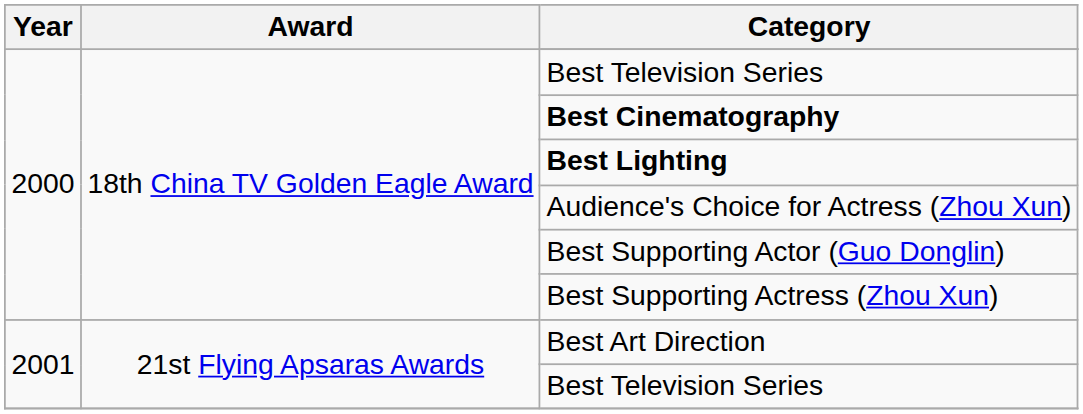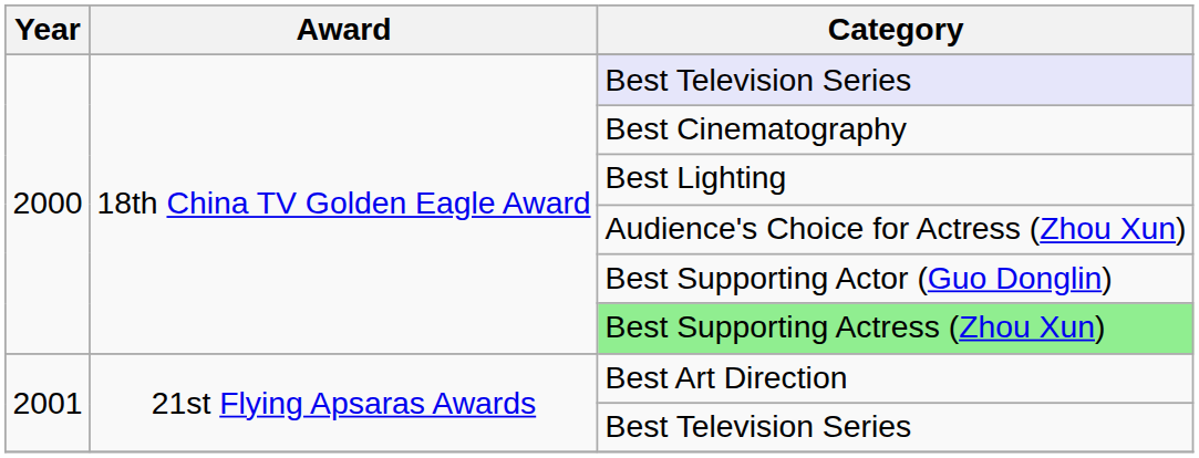 <table class="wikitable">
 <tr>
 <th>Year</th>
 <th>Award</th>
 <th>Category</th>
 </tr>
 <tr>
 <td rowspan="7" style="text-align:center;">2000</td>
 <td rowspan="7" style="text-align:center;">18th <a href='#'>China TV Golden Eagle Award</a></td>
 </tr>
 <tr>
-<td>Best Television Series</td>
+<td style="background: lavender;">Best Television Series</td>
 </tr>
 <tr>
-<td><strong>Best Cinematography</strong></td>
+<td>Best Cinematography</td>
 </tr>
 <tr>
-<td><strong>Best Lighting</strong></td>
+<td>Best Lighting</td>
 </tr>
 <tr>
 <td>Audience's Choice for Actress (<a href='#'>Zhou Xun</a>)</td>
 </tr>
 <tr>
 <td>Best Supporting Actor (<a href='#'>Guo Donglin</a>)</td>
 </tr>
 <tr>
-<td>Best Supporting Actress (<a href='#'>Zhou Xun</a>)</td>
+<td style="background: lightgreen;">Best Supporting Actress (<a href='#'>Zhou Xun</a>)</td>
 </tr>
 <tr>
 <td rowspan="2"  style="text-align:center;">2001</td>
 <td rowspan="2" style="text-align:center;">21st <a href='#'>Flying Apsaras Awards</a></td>
 <td>Best Art Direction</td>
 </tr>
 <tr>
 <td>Best Television Series</td>
 </tr>
 <tr>
 </tr>
 </table>
